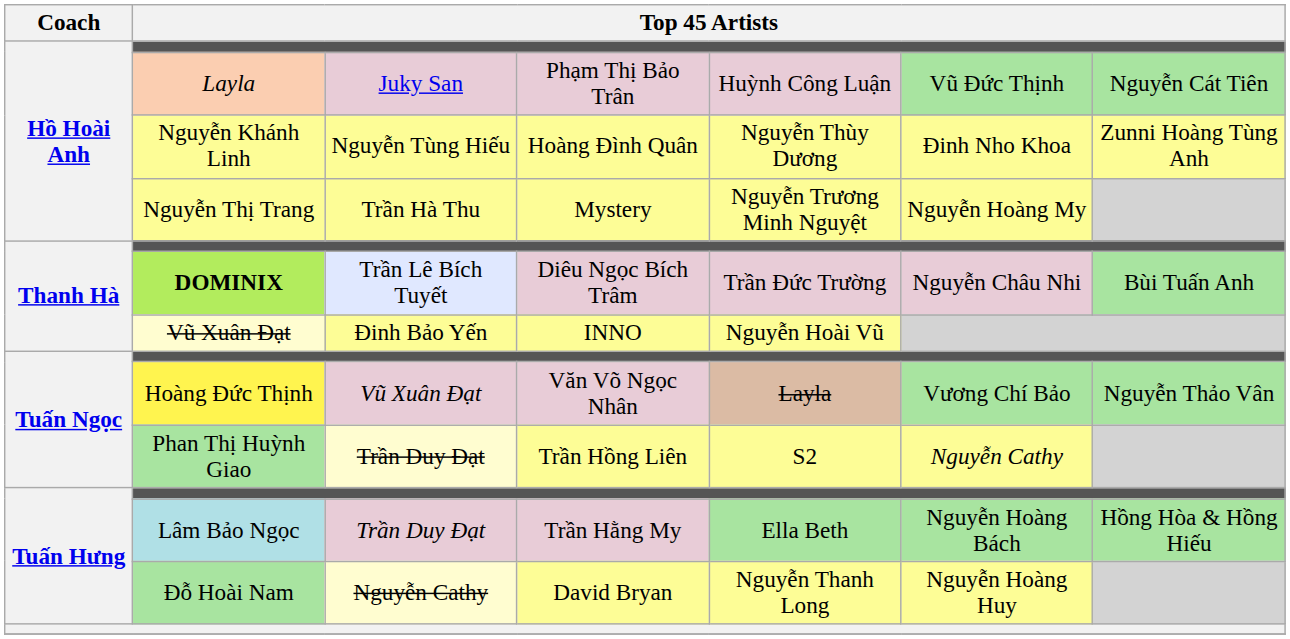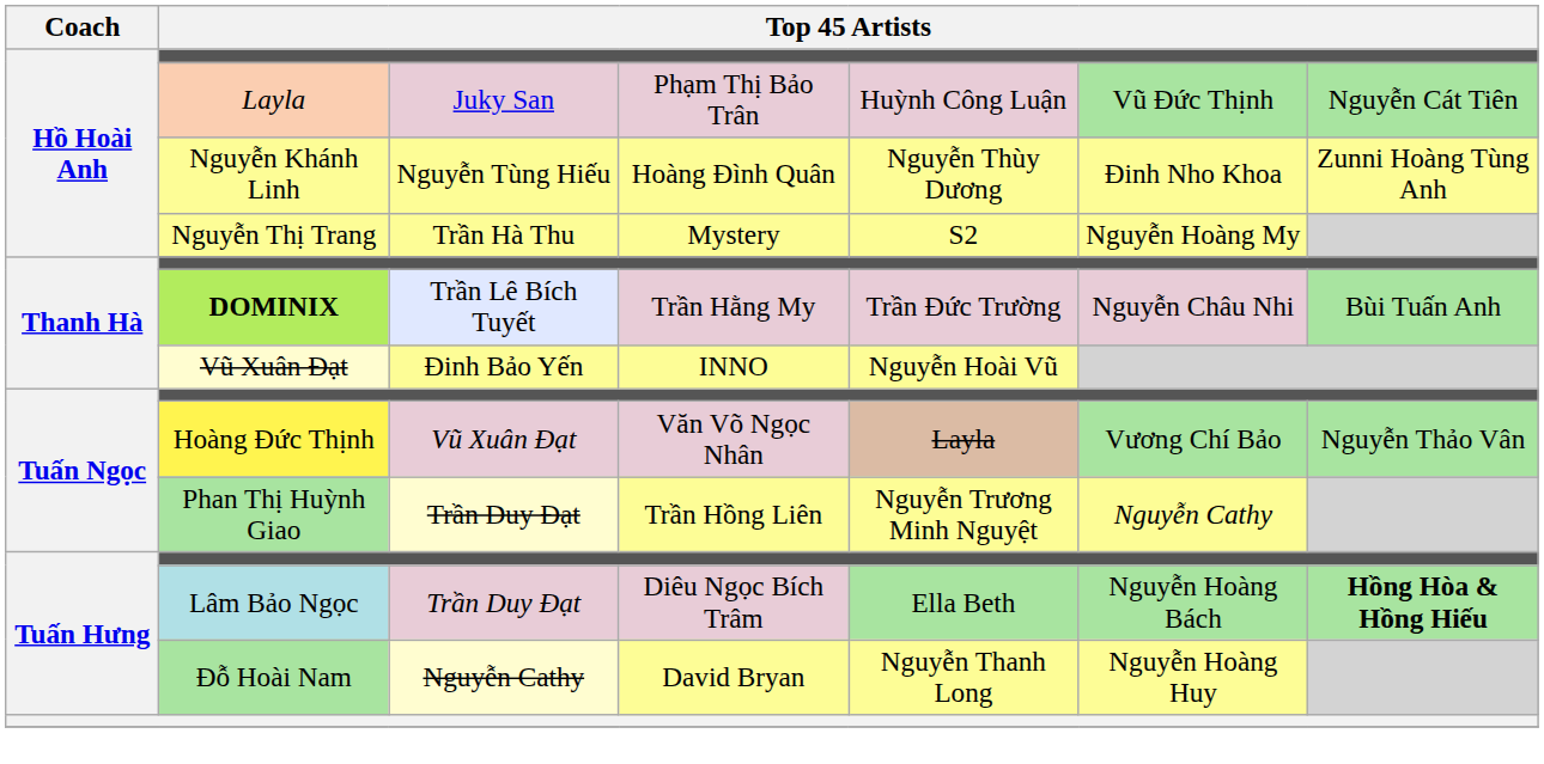 <table class="wikitable" style="text-align:center; width:100%;">
 <tr>
 <th scope="col" style="width:10%;">Coach</th>
 <th scope="col" colspan="6">Top 45 Artists</th>
 </tr>
 <tr>
 <th scope="row" rowspan="4"><a href='#'>Hồ Hoài Anh</a></th>
 <td colspan="6" style="background:#555;"></td>
 </tr>
 <tr>
 <td style="width:15%" bgcolor="#FBCEB1"><em>Layla</em></td>
 <td style="width:15%" bgcolor="#E8CCD7"><a href='#'>Juky San</a></td>
 <td style="width:15%" bgcolor="#E8CCD7">Phạm Thị Bảo Trân</td>
 <td style="width:15%" bgcolor="#E8CCD7">Huỳnh Công Luận</td>
 <td style="width:15%" bgcolor="#A8E4A0">Vũ Đức Thịnh</td>
 <td style="width:15%" bgcolor="#A8E4A0">Nguyễn Cát Tiên</td>
 </tr>
 <tr>
 <td style="width:15%" bgcolor="#FDFD96">Nguyễn Khánh Linh</td>
 <td style="width:15%" bgcolor="#FDFD96">Nguyễn Tùng Hiếu</td>
 <td style="width:15%" bgcolor="#FDFD96">Hoàng Đình Quân</td>
 <td style="width:15%" bgcolor="#FDFD96">Nguyễn Thùy Dương</td>
 <td style="width:15%" bgcolor="#FDFD96">Đinh Nho Khoa</td>
 <td style="width:15%" bgcolor="#FDFD96">Zunni Hoàng Tùng Anh</td>
 </tr>
 <tr>
 <td style="width:15%" bgcolor="#FDFD96">Nguyễn Thị Trang</td>
 <td style="width:15%" bgcolor="#FDFD96">Trần Hà Thu</td>
 <td style="width:15%" bgcolor="#FDFD96">Mystery</td>
-<td style="width:15%" bgcolor="#FDFD96">Nguyễn Trương Minh Nguyệt</td>
+<td style="width:15%" bgcolor="#FDFD96">S2</td>
 <td style="width:15%" bgcolor="#FDFD96">Nguyễn Hoàng My</td>
 <td style="width:15%" bgcolor="lightgrey"></td>
 </tr>
 <tr>
 <th scope="row" rowspan="3"><a href='#'>Thanh Hà</a></th>
 <td colspan="6" style="background:#555;"></td>
 </tr>
 <tr>
 <td style="width:15%" bgcolor="#B2EC5D"><strong>DOMINIX</strong></td>
 <td style="width:15%" bgcolor="#E0E8FF">Trần Lê Bích Tuyết</td>
-<td style="width:15%" bgcolor="#E8CCD7">Diêu Ngọc Bích Trâm</td>
+<td style="width:15%" bgcolor="#E8CCD7">Trần Hằng My</td>
 <td style="width:15%" bgcolor="#E8CCD7">Trần Đức Trường</td>
 <td style="width:15%" bgcolor="#E8CCD7">Nguyễn Châu Nhi</td>
 <td style="width:15%" bgcolor="#A8E4A0">Bùi Tuấn Anh</td>
 </tr>
 <tr>
 <td style="width:15%" bgcolor="#FFFDD0"><s>Vũ Xuân Đạt</s></td>
 <td style="width:15%" bgcolor="#FDFD96">Đinh Bảo Yến</td>
 <td style="width:15%" bgcolor="#FDFD96">INNO</td>
 <td style="width:15%" bgcolor="#FDFD96">Nguyễn Hoài Vũ</td>
 <td colspan="2" style="width:15%" bgcolor="lightgrey"></td>
 </tr>
 <tr>
 <th scope="row" rowspan="3"><a href='#'>Tuấn Ngọc</a></th>
 <td colspan="6" style="background:#555;"></td>
 </tr>
 <tr>
 <td style="width:15%" bgcolor="#FFF44F">Hoàng Đức Thịnh</td>
 <td style="width:15%" bgcolor="#E8CCD7"><em>Vũ Xuân Đạt</em></td>
 <td style="width:15%" bgcolor="#E8CCD7">Văn Võ Ngọc Nhân</td>
 <td style="width:15%" bgcolor="#dbbba4"><s>Layla</s></td>
 <td style="width:15%" bgcolor="#A8E4A0">Vương Chí Bảo</td>
 <td style="width:15%" bgcolor="#A8E4A0">Nguyễn Thảo Vân</td>
 </tr>
 <tr>
 <td style="width:15%" bgcolor="#A8E4A0">Phan Thị Huỳnh Giao</td>
 <td style="width:15%" bgcolor="#FFFDD0"><s>Trần Duy Đạt</s></td>
 <td style="width:15%" bgcolor="#FDFD96">Trần Hồng Liên</td>
-<td style="width:15%" bgcolor="#FDFD96">S2</td>
+<td style="width:15%" bgcolor="#FDFD96">Nguyễn Trương Minh Nguyệt</td>
 <td style="width:15%" bgcolor="#FDFD96"><em>Nguyễn Cathy</em></td>
 <td style="width:15%" bgcolor="lightgrey"></td>
 </tr>
 <tr>
 <th scope="row" rowspan="3"><a href='#'>Tuấn Hưng</a></th>
 <td colspan="6" style="background:#555;"></td>
 </tr>
 <tr>
 <td style="width:15%" bgcolor="#B0E0E6">Lâm Bảo Ngọc</td>
 <td style="width:15%" bgcolor="#E8CCD7"><em>Trần Duy Đạt</em></td>
-<td style="width:15%" bgcolor="#E8CCD7">Trần Hằng My</td>
+<td style="width:15%" bgcolor="#E8CCD7">Diêu Ngọc Bích Trâm</td>
 <td style="width:15%" bgcolor="#A8E4A0">Ella Beth</td>
 <td style="width:15%" bgcolor="#A8E4A0">Nguyễn Hoàng Bách</td>
-<td style="width:15%" bgcolor="#A8E4A0">Hồng Hòa & Hồng Hiếu</td>
+<td style="width:15%" bgcolor="#A8E4A0"><strong>Hồng Hòa & Hồng Hiếu</strong></td>
 </tr>
 <tr>
 <td style="width:15%" bgcolor="#A8E4A0">Đỗ Hoài Nam</td>
 <td style="width:15%" bgcolor="#FFFDD0"><s>Nguyễn Cathy</s></td>
 <td style="width:15%" bgcolor="#FDFD96">David Bryan</td>
 <td style="width:15%" bgcolor="#FDFD96">Nguyễn Thanh Long</td>
 <td style="width:15%" bgcolor="#FDFD96">Nguyễn Hoàng Huy</td>
 <td style="width:15%" bgcolor="lightgrey"></td>
 </tr>
 <tr>
 <th style="font-size:90%; line-height:12px;" colspan="7"><small></small></th>
 </tr>
 <tr>
 </tr>
 </table>
